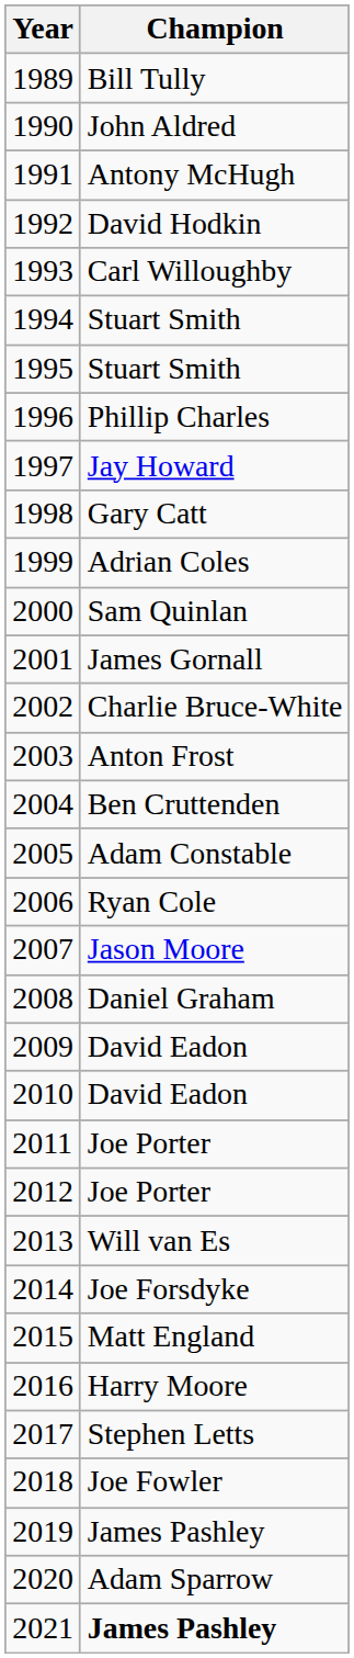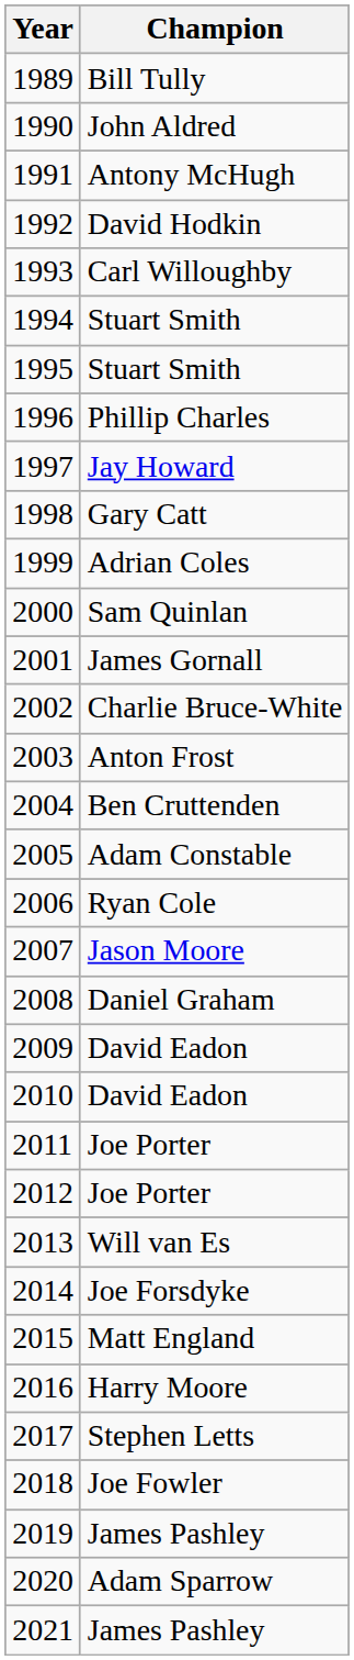 <table class="wikitable">
 <tr>
 <th>Year</th>
 <th>Champion</th>
 </tr>
 <tr>
 <td>1989</td>
 <td>Bill Tully</td>
 </tr>
 <tr>
 <td>1990</td>
 <td>John Aldred</td>
 </tr>
 <tr>
 <td>1991</td>
 <td>Antony McHugh</td>
 </tr>
 <tr>
 <td>1992</td>
 <td>David Hodkin</td>
 </tr>
 <tr>
 <td>1993</td>
 <td>Carl Willoughby</td>
 </tr>
 <tr>
 <td>1994</td>
 <td>Stuart Smith</td>
 </tr>
 <tr>
 <td>1995</td>
 <td>Stuart Smith</td>
 </tr>
 <tr>
 <td>1996</td>
 <td>Phillip Charles</td>
 </tr>
 <tr>
 <td>1997</td>
 <td><a href='#'>Jay Howard</a></td>
 </tr>
 <tr>
 <td>1998</td>
 <td>Gary Catt</td>
 </tr>
 <tr>
 <td>1999</td>
 <td>Adrian Coles</td>
 </tr>
 <tr>
 <td>2000</td>
 <td>Sam Quinlan</td>
 </tr>
 <tr>
 <td>2001</td>
 <td>James Gornall</td>
 </tr>
 <tr>
 <td>2002</td>
 <td>Charlie Bruce-White</td>
 </tr>
 <tr>
 <td>2003</td>
 <td>Anton Frost</td>
 </tr>
 <tr>
 <td>2004</td>
 <td>Ben Cruttenden</td>
 </tr>
 <tr>
 <td>2005</td>
 <td>Adam Constable</td>
 </tr>
 <tr>
 <td>2006</td>
 <td>Ryan Cole</td>
 </tr>
 <tr>
 <td>2007</td>
 <td><a href='#'>Jason Moore</a></td>
 </tr>
 <tr>
 <td>2008</td>
 <td>Daniel Graham</td>
 </tr>
 <tr>
 <td>2009</td>
 <td>David Eadon</td>
 </tr>
 <tr>
 <td>2010</td>
 <td>David Eadon</td>
 </tr>
 <tr>
 <td>2011</td>
 <td>Joe Porter</td>
 </tr>
 <tr>
 <td>2012</td>
 <td>Joe Porter</td>
 </tr>
 <tr>
 <td>2013</td>
 <td>Will van Es</td>
 </tr>
 <tr>
 <td>2014</td>
 <td>Joe Forsdyke</td>
 </tr>
 <tr>
 <td>2015</td>
 <td>Matt England</td>
 </tr>
 <tr>
 <td>2016</td>
 <td>Harry Moore</td>
 </tr>
 <tr>
 <td>2017</td>
 <td>Stephen Letts</td>
 </tr>
 <tr>
 <td>2018</td>
 <td>Joe Fowler</td>
 </tr>
 <tr>
 <td>2019</td>
 <td>James Pashley</td>
 </tr>
 <tr>
 <td>2020</td>
 <td>Adam Sparrow</td>
 </tr>
 <tr>
 <td>2021</td>
-<td><strong>James Pashley</strong></td>
+<td>James Pashley</td>
 </tr>
 </table>
